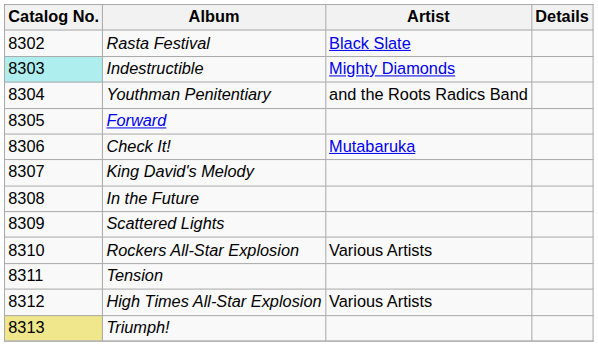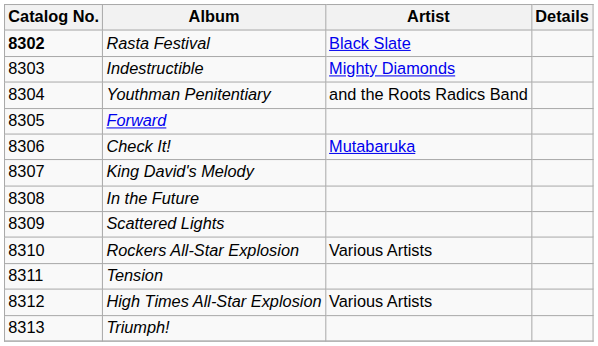 <table class="wikitable sortable">
 <tr>
 <th>Catalog No.</th>
 <th>Album</th>
 <th>Artist</th>
 <th>Details</th>
 </tr>
 <tr>
-<td>8302</td>
+<td><strong>8302</strong></td>
 <td><em>Rasta Festival</em></td>
 <td><a href='#'>Black Slate</a></td>
 <td></td>
 </tr>
 <tr>
-<td style="background: paleturquoise;">8303</td>
+<td>8303</td>
 <td><em>Indestructible</em></td>
 <td><a href='#'>Mighty Diamonds</a></td>
 <td></td>
 </tr>
 <tr>
 <td>8304</td>
 <td><em>Youthman Penitentiary</em></td>
 <td> and the Roots Radics Band</td>
 <td></td>
 </tr>
 <tr>
 <td>8305</td>
 <td><em><a href='#'>Forward</a></em></td>
 <td></td>
 <td></td>
 </tr>
 <tr>
 <td>8306</td>
 <td><em>Check It!</em></td>
 <td><a href='#'>Mutabaruka</a></td>
 <td></td>
 </tr>
 <tr>
 <td>8307</td>
 <td><em>King David's Melody</em></td>
 <td></td>
 <td></td>
 </tr>
 <tr>
 <td>8308</td>
 <td><em>In the Future</em></td>
 <td></td>
 <td></td>
 </tr>
 <tr>
 <td>8309</td>
 <td><em>Scattered Lights</em></td>
 <td></td>
 <td></td>
 </tr>
 <tr>
 <td>8310</td>
 <td><em>Rockers All-Star Explosion</em></td>
 <td>Various Artists</td>
 <td></td>
 </tr>
 <tr>
 <td>8311</td>
 <td><em>Tension</em></td>
 <td></td>
 <td></td>
 </tr>
 <tr>
 <td>8312</td>
 <td><em>High Times All-Star Explosion</em></td>
 <td>Various Artists</td>
 <td></td>
 </tr>
 <tr>
-<td style="background: khaki;">8313</td>
+<td>8313</td>
 <td><em>Triumph!</em></td>
 <td></td>
 <td></td>
 </tr>
 <tr>
 </tr>
 </table>
